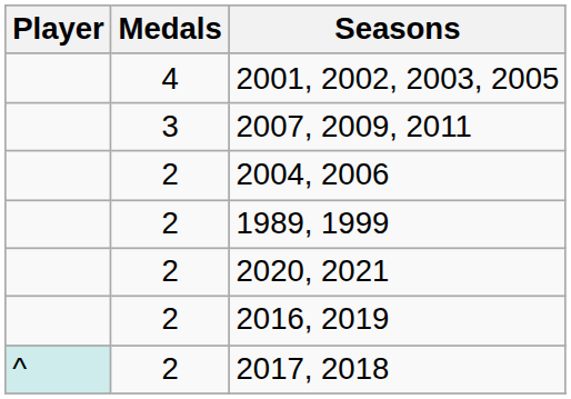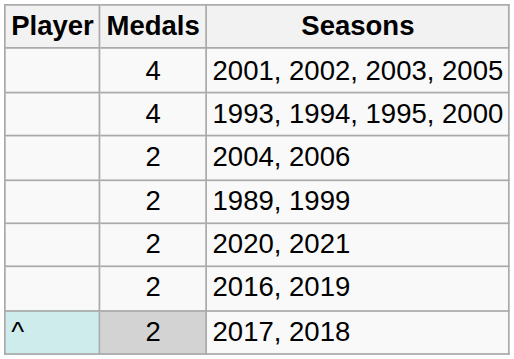 <table class="wikitable sortable">
 <tr>
 <th>Player</th>
 <th>Medals</th>
 <th>Seasons</th>
 </tr>
 <tr>
 <td></td>
 <td style="text-align:center;">4</td>
 <td>2001, 2002, 2003, 2005</td>
 </tr>
 <tr>
 <td></td>
-<td style="text-align:center;">3</td>
-<td>2007, 2009, 2011</td>
+<td style="text-align:center;">4</td>
+<td>1993, 1994, 1995, 2000</td>
 </tr>
 <tr>
 <td></td>
 <td style="text-align:center;">2</td>
 <td>2004, 2006</td>
 </tr>
 <tr>
 <td></td>
 <td style="text-align:center;">2</td>
 <td>1989, 1999</td>
 </tr>
 <tr>
 <td style="text-align:left;"></td>
 <td style="text-align:center;">2</td>
 <td>2020, 2021</td>
 </tr>
 <tr>
 <td style="text-align:left;"></td>
 <td style="text-align:center;">2</td>
 <td>2016, 2019</td>
 </tr>
 <tr>
 <td style="text-align:left; background:#cfecec;">^</td>
-<td style="text-align:center;">2</td>
+<td style="background: lightgrey; text-align:center;">2</td>
 <td>2017, 2018</td>
 </tr>
 </table>
